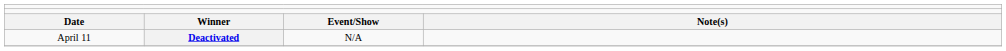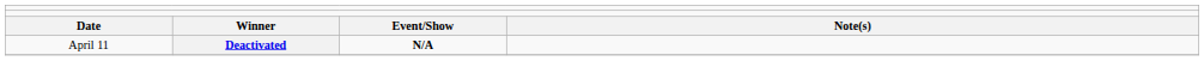 <table class="wikitable" style="text-align:center; width:100%;">
 <tr>
 <td colspan="5"></td>
 </tr>
 <tr>
 <td colspan="5"><strong></strong></td>
 </tr>
 <tr>
 <th width=14%>Date</th>
 <th width=14%>Winner</th>
 <th width=14%>Event/Show</th>
 <th width=58%>Note(s)</th>
 </tr>
 <tr>
 <td>April 11</td>
 <th><a href='#'>Deactivated</a></th>
-<td>N/A</td>
+<td><strong>N/A</strong></td>
 <td></td>
 </tr>
 <tr>
 </tr>
 </table>
